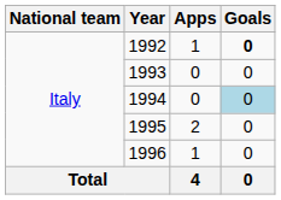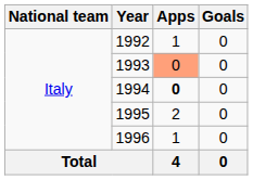 <table class="wikitable" style="text-align:center">
 <tr>
 <th>National team</th>
 <th>Year</th>
 <th>Apps</th>
 <th>Goals</th>
 </tr>
 <tr>
 <td rowspan="5"><a href='#'>Italy</a></td>
 <td>1992</td>
 <td>1</td>
-<td><strong>0</strong></td>
+<td>0</td>
 </tr>
 <tr>
 <td>1993</td>
-<td>0</td>
+<td style="background: lightsalmon;">0</td>
 <td>0</td>
 </tr>
 <tr>
 <td>1994</td>
+<td><strong>0</strong></td>
 <td>0</td>
-<td style="background: lightblue;">0</td>
 </tr>
 <tr>
 <td>1995</td>
 <td>2</td>
 <td>0</td>
 </tr>
 <tr>
 <td>1996</td>
 <td>1</td>
 <td>0</td>
 </tr>
 <tr>
 <th colspan="2">Total</th>
 <th>4</th>
 <th>0</th>
 </tr>
 </table>
